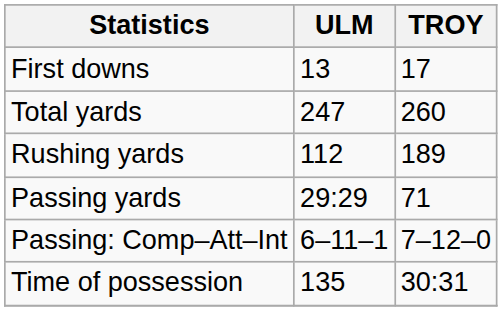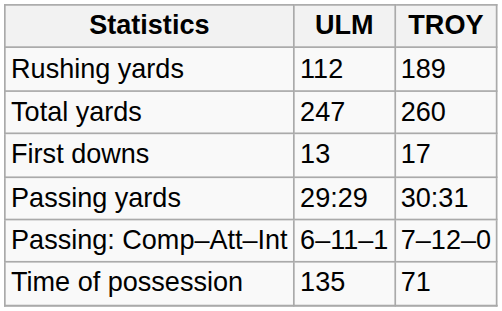 <table class="wikitable" style="float: left;">
 <tr>
 <th>Statistics</th>
 <th>ULM</th>
 <th>TROY</th>
 </tr>
 <tr>
-<td>First downs</td>
-<td>13</td>
-<td>17</td>
+<td>Rushing yards</td>
+<td>112</td>
+<td>189</td>
 </tr>
 <tr>
 <td>Total yards</td>
 <td>247</td>
 <td>260</td>
 </tr>
 <tr>
-<td>Rushing yards</td>
-<td>112</td>
-<td>189</td>
+<td>First downs</td>
+<td>13</td>
+<td>17</td>
 </tr>
 <tr>
 <td>Passing yards</td>
 <td>29:29</td>
-<td>71</td>
+<td>30:31</td>
 </tr>
 <tr>
 <td>Passing: Comp–Att–Int</td>
 <td>6–11–1</td>
 <td>7–12–0</td>
 </tr>
 <tr>
 <td>Time of possession</td>
 <td>135</td>
-<td>30:31</td>
+<td>71</td>
 </tr>
 <tr>
 </tr>
 </table>
